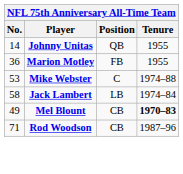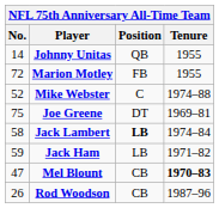 <table class="wikitable" style="text-align:center">
 <tr>
 <th colspan="4"><a href='#'><span>NFL 75th Anniversary All-Time Team</span></a></th>
 </tr>
 <tr>
 <th>No.</th>
 <th>Player</th>
 <th>Position</th>
 <th>Tenure</th>
 </tr>
 <tr>
 <td>14</td>
 <td><strong><a href='#'>Johnny Unitas</a></strong></td>
 <td>QB</td>
 <td>1955</td>
 </tr>
 <tr>
-<td>36</td>
+<td>72</td>
 <td><strong><a href='#'>Marion Motley</a></strong></td>
 <td>FB</td>
 <td>1955</td>
 </tr>
 <tr>
-<td>53</td>
+<td>52</td>
 <td><strong><a href='#'>Mike Webster</a></strong></td>
 <td>C</td>
 <td>1974–88</td>
 </tr>
 <tr>
+<td>75</td>
+<td><strong><a href='#'>Joe Greene</a></strong></td>
+<td>DT</td>
+<td>1969–81</td>
+</tr>
+<tr>
 <td>58</td>
 <td><strong><a href='#'>Jack Lambert</a></strong></td>
-<td>LB</td>
+<td><strong>LB</strong></td>
 <td>1974–84</td>
 </tr>
 <tr>
-<td>49</td>
+<td>59</td>
+<td><strong><a href='#'>Jack Ham</a></strong></td>
+<td>LB</td>
+<td>1971–82</td>
+</tr>
+<tr>
+<td>47</td>
 <td><strong><a href='#'>Mel Blount</a></strong></td>
 <td>CB</td>
 <td><strong>1970–83</strong></td>
 </tr>
 <tr>
-<td>71</td>
+<td>26</td>
 <td><strong><a href='#'>Rod Woodson</a></strong></td>
 <td>CB</td>
 <td>1987–96</td>
 </tr>
 </table>
